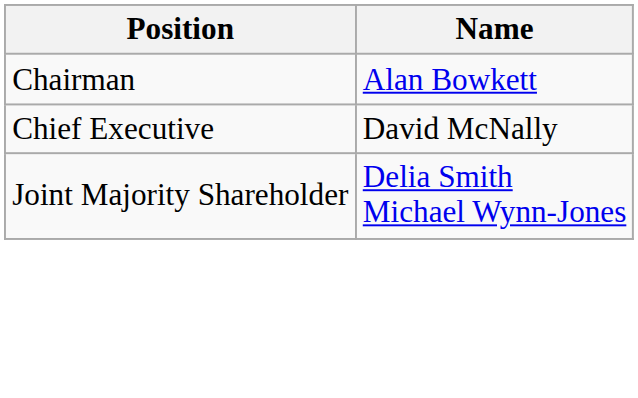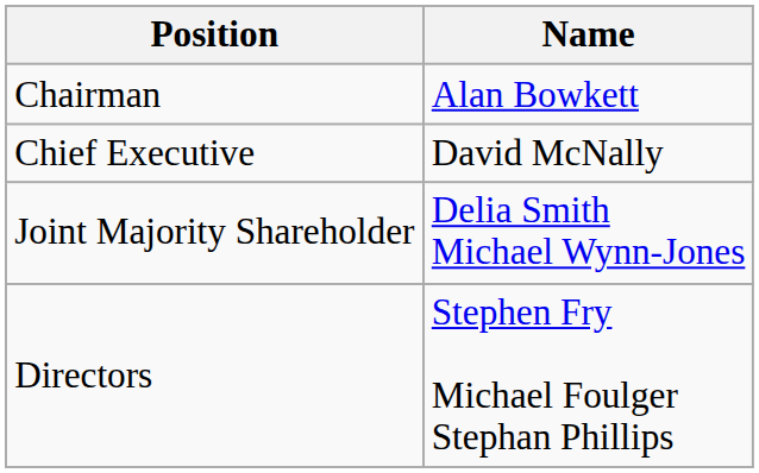 <table class="wikitable" style="text-align: left">
 <tr>
 <th>Position</th>
 <th>Name</th>
 </tr>
 <tr>
 <td>Chairman</td>
 <td> <a href='#'>Alan Bowkett</a></td>
 </tr>
 <tr>
 <td>Chief Executive</td>
 <td> David McNally</td>
 </tr>
 <tr>
 <td>Joint Majority Shareholder</td>
 <td> <a href='#'>Delia Smith</a><br> <a href='#'>Michael Wynn-Jones</a></td>
 </tr>
+<tr>
+<td>Directors</td>
+<td> <a href='#'>Stephen Fry</a><br><br> Michael Foulger<br>  Stephan Phillips</td>
+</tr>
 </table>
